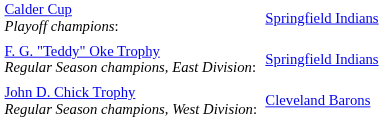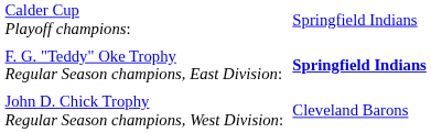 <table cellpadding="3" cellspacing="3">
 <tr>
 <td><a href='#'>Calder Cup</a><br><em>Playoff champions</em>:</td>
 <td><a href='#'>Springfield Indians</a></td>
 </tr>
 <tr>
 <td><a href='#'>F. G. "Teddy" Oke Trophy</a><br><em>Regular Season champions, East Division</em>:</td>
-<td><a href='#'>Springfield Indians</a></td>
+<td><strong><a href='#'>Springfield Indians</a></strong></td>
 </tr>
 <tr>
 <td><a href='#'>John D. Chick Trophy</a><br><em>Regular Season champions, West Division</em>:</td>
 <td><a href='#'>Cleveland Barons</a></td>
 </tr>
 </table>
